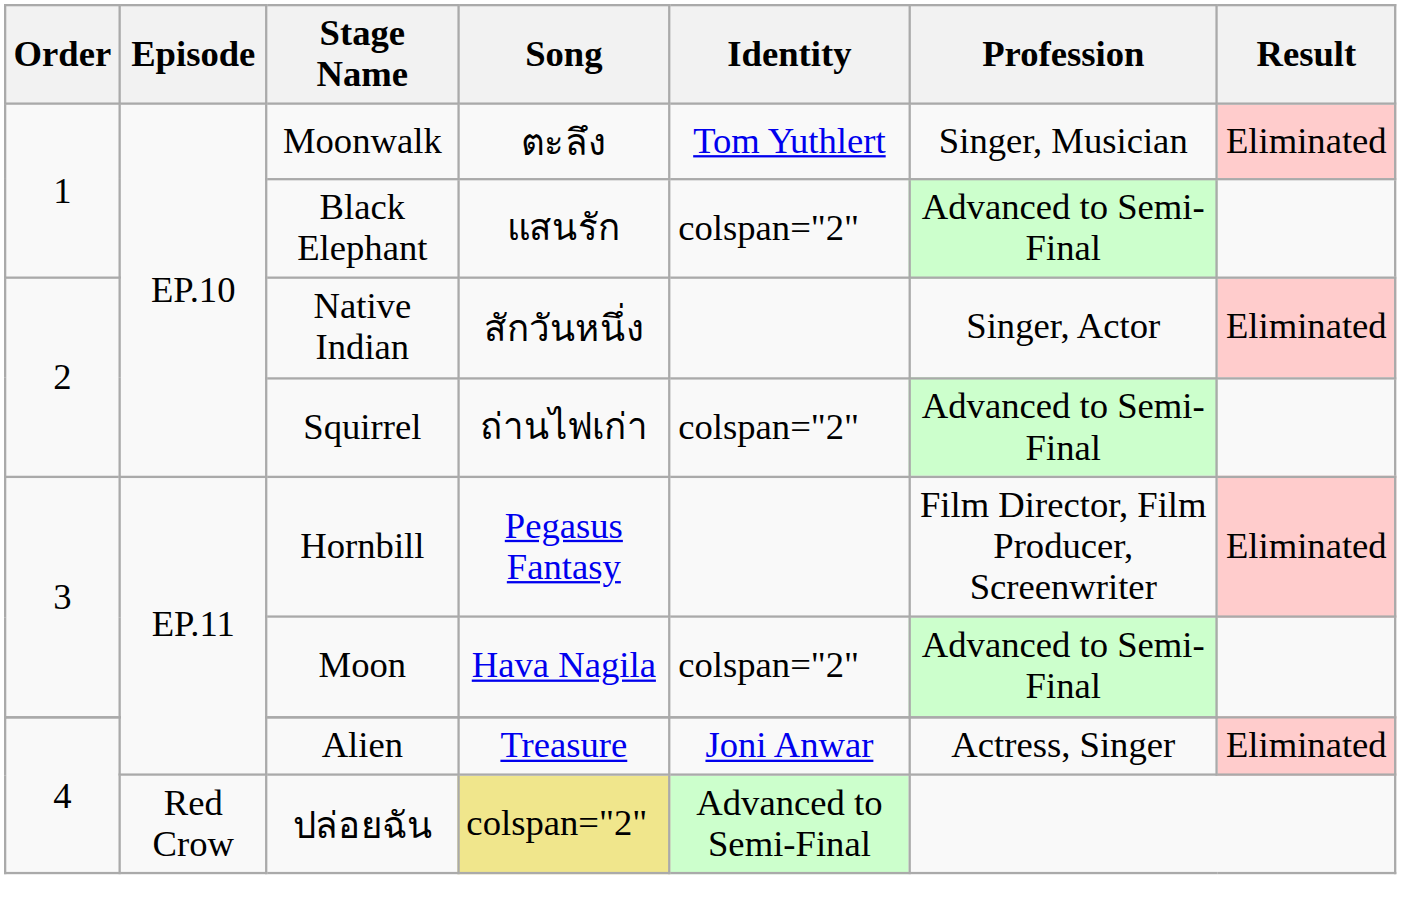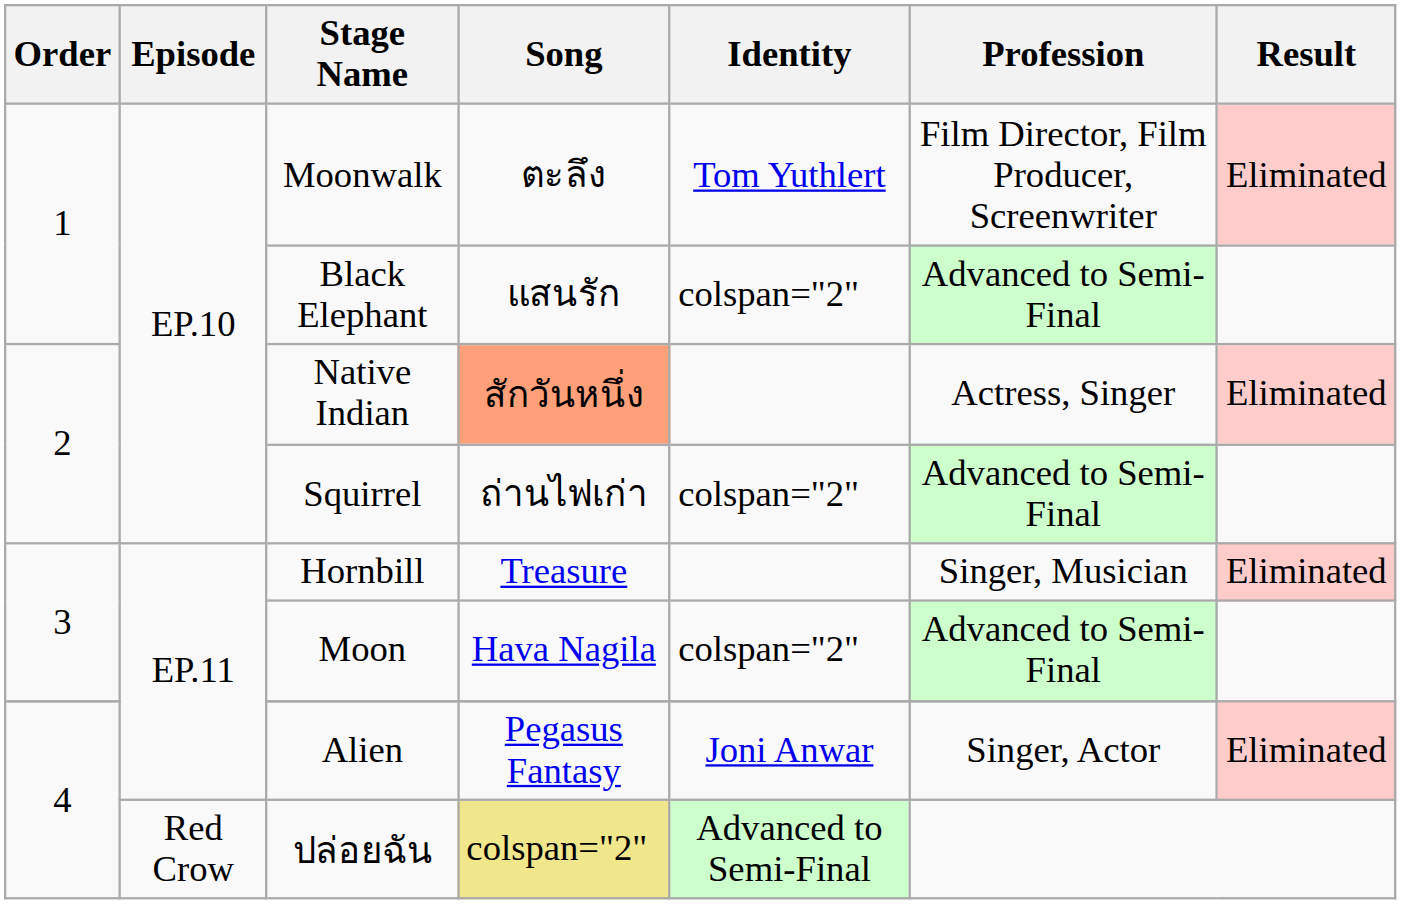 <table class="wikitable">
 <tr>
 <th>Order</th>
 <th>Episode</th>
 <th>Stage Name</th>
 <th>Song</th>
 <th>Identity</th>
 <th>Profession</th>
 <th>Result</th>
 </tr>
 <tr>
 <td rowspan="2" style="text-align:center;">1</td>
 <td rowspan="4" align="center">EP.10</td>
 <td style="text-align:center;">Moonwalk</td>
 <td style="text-align:center;">ตะลึง</td>
 <td style="text-align:center;"><a href='#'>Tom Yuthlert</a></td>
-<td style="text-align:center;">Singer, Musician</td>
+<td style="text-align:center;">Film Director, Film Producer, Screenwriter</td>
 <td style="text-align:center; background:#ffcccc;">Eliminated</td>
 </tr>
 <tr>
 <td style="text-align:center;">Black Elephant</td>
 <td style="text-align:center;">แสนรัก</td>
 <td>colspan="2"  </td>
 <td style="text-align:center; background:#ccffcc;">Advanced to Semi-Final</td>
 </tr>
 <tr>
 <td rowspan="2" style="text-align:center;">2</td>
 <td style="text-align:center;">Native Indian</td>
-<td style="text-align:center;">สักวันหนึ่ง</td>
+<td style="background: lightsalmon; text-align:center;">สักวันหนึ่ง</td>
 <td style="text-align:center;"></td>
-<td style="text-align:center;">Singer, Actor</td>
+<td style="text-align:center;">Actress, Singer</td>
 <td style="text-align:center; background:#ffcccc;">Eliminated</td>
 </tr>
 <tr>
 <td style="text-align:center;">Squirrel</td>
 <td style="text-align:center;">ถ่านไฟเก่า</td>
 <td>colspan="2"  </td>
 <td style="text-align:center; background:#ccffcc;">Advanced to Semi-Final</td>
 </tr>
 <tr>
 <td rowspan="2" style="text-align:center;">3</td>
 <td rowspan="4" align="center">EP.11</td>
 <td style="text-align:center;">Hornbill</td>
-<td style="text-align:center;"><a href='#'>Pegasus Fantasy</a></td>
+<td style="text-align:center;"><a href='#'>Treasure</a></td>
 <td style="text-align:center;"></td>
-<td style="text-align:center;">Film Director, Film Producer, Screenwriter</td>
+<td style="text-align:center;">Singer, Musician</td>
 <td style="text-align:center; background:#ffcccc;">Eliminated</td>
 </tr>
 <tr>
 <td style="text-align:center;">Moon</td>
 <td style="text-align:center;"><a href='#'>Hava Nagila</a></td>
 <td>colspan="2"  </td>
 <td style="text-align:center; background:#ccffcc;">Advanced to Semi-Final</td>
 </tr>
 <tr>
 </tr>
 <tr style="text-align:center;">
 <td rowspan="2">4</td>
 <td style="text-align:center;">Alien</td>
-<td style="text-align:center;"><a href='#'>Treasure</a></td>
+<td style="text-align:center;"><a href='#'>Pegasus Fantasy</a></td>
 <td style="text-align:center;"><a href='#'>Joni Anwar</a></td>
-<td style="text-align:center;">Actress, Singer</td>
+<td style="text-align:center;">Singer, Actor</td>
 <td style="text-align:center; background:#ffcccc;">Eliminated</td>
 </tr>
 <tr>
 <td style="text-align:center;">Red Crow</td>
 <td style="text-align:center;">ปล่อยฉัน</td>
 <td style="background: khaki;">colspan="2"  </td>
 <td style="text-align:center; background:#ccffcc;">Advanced to Semi-Final</td>
 </tr>
 </table>
